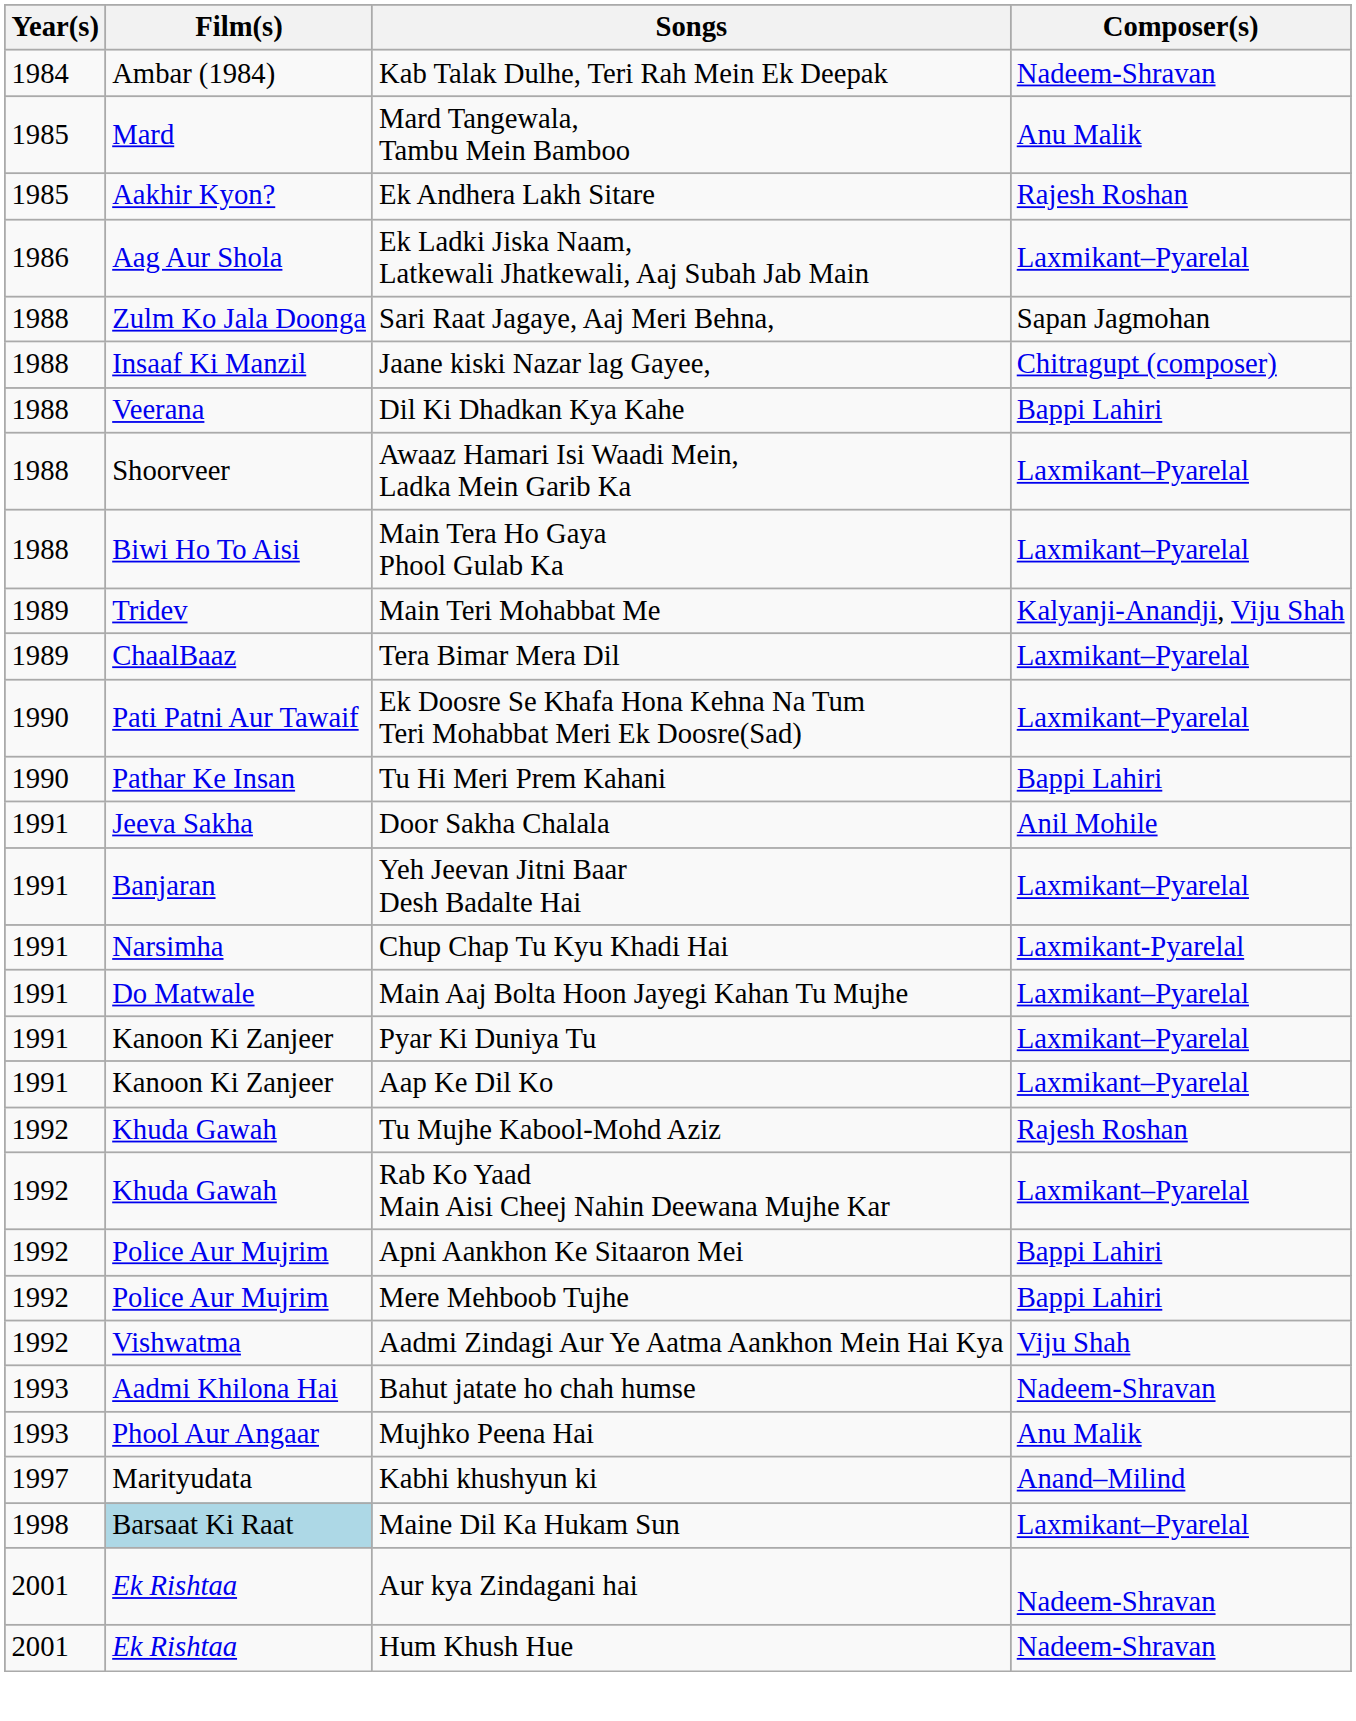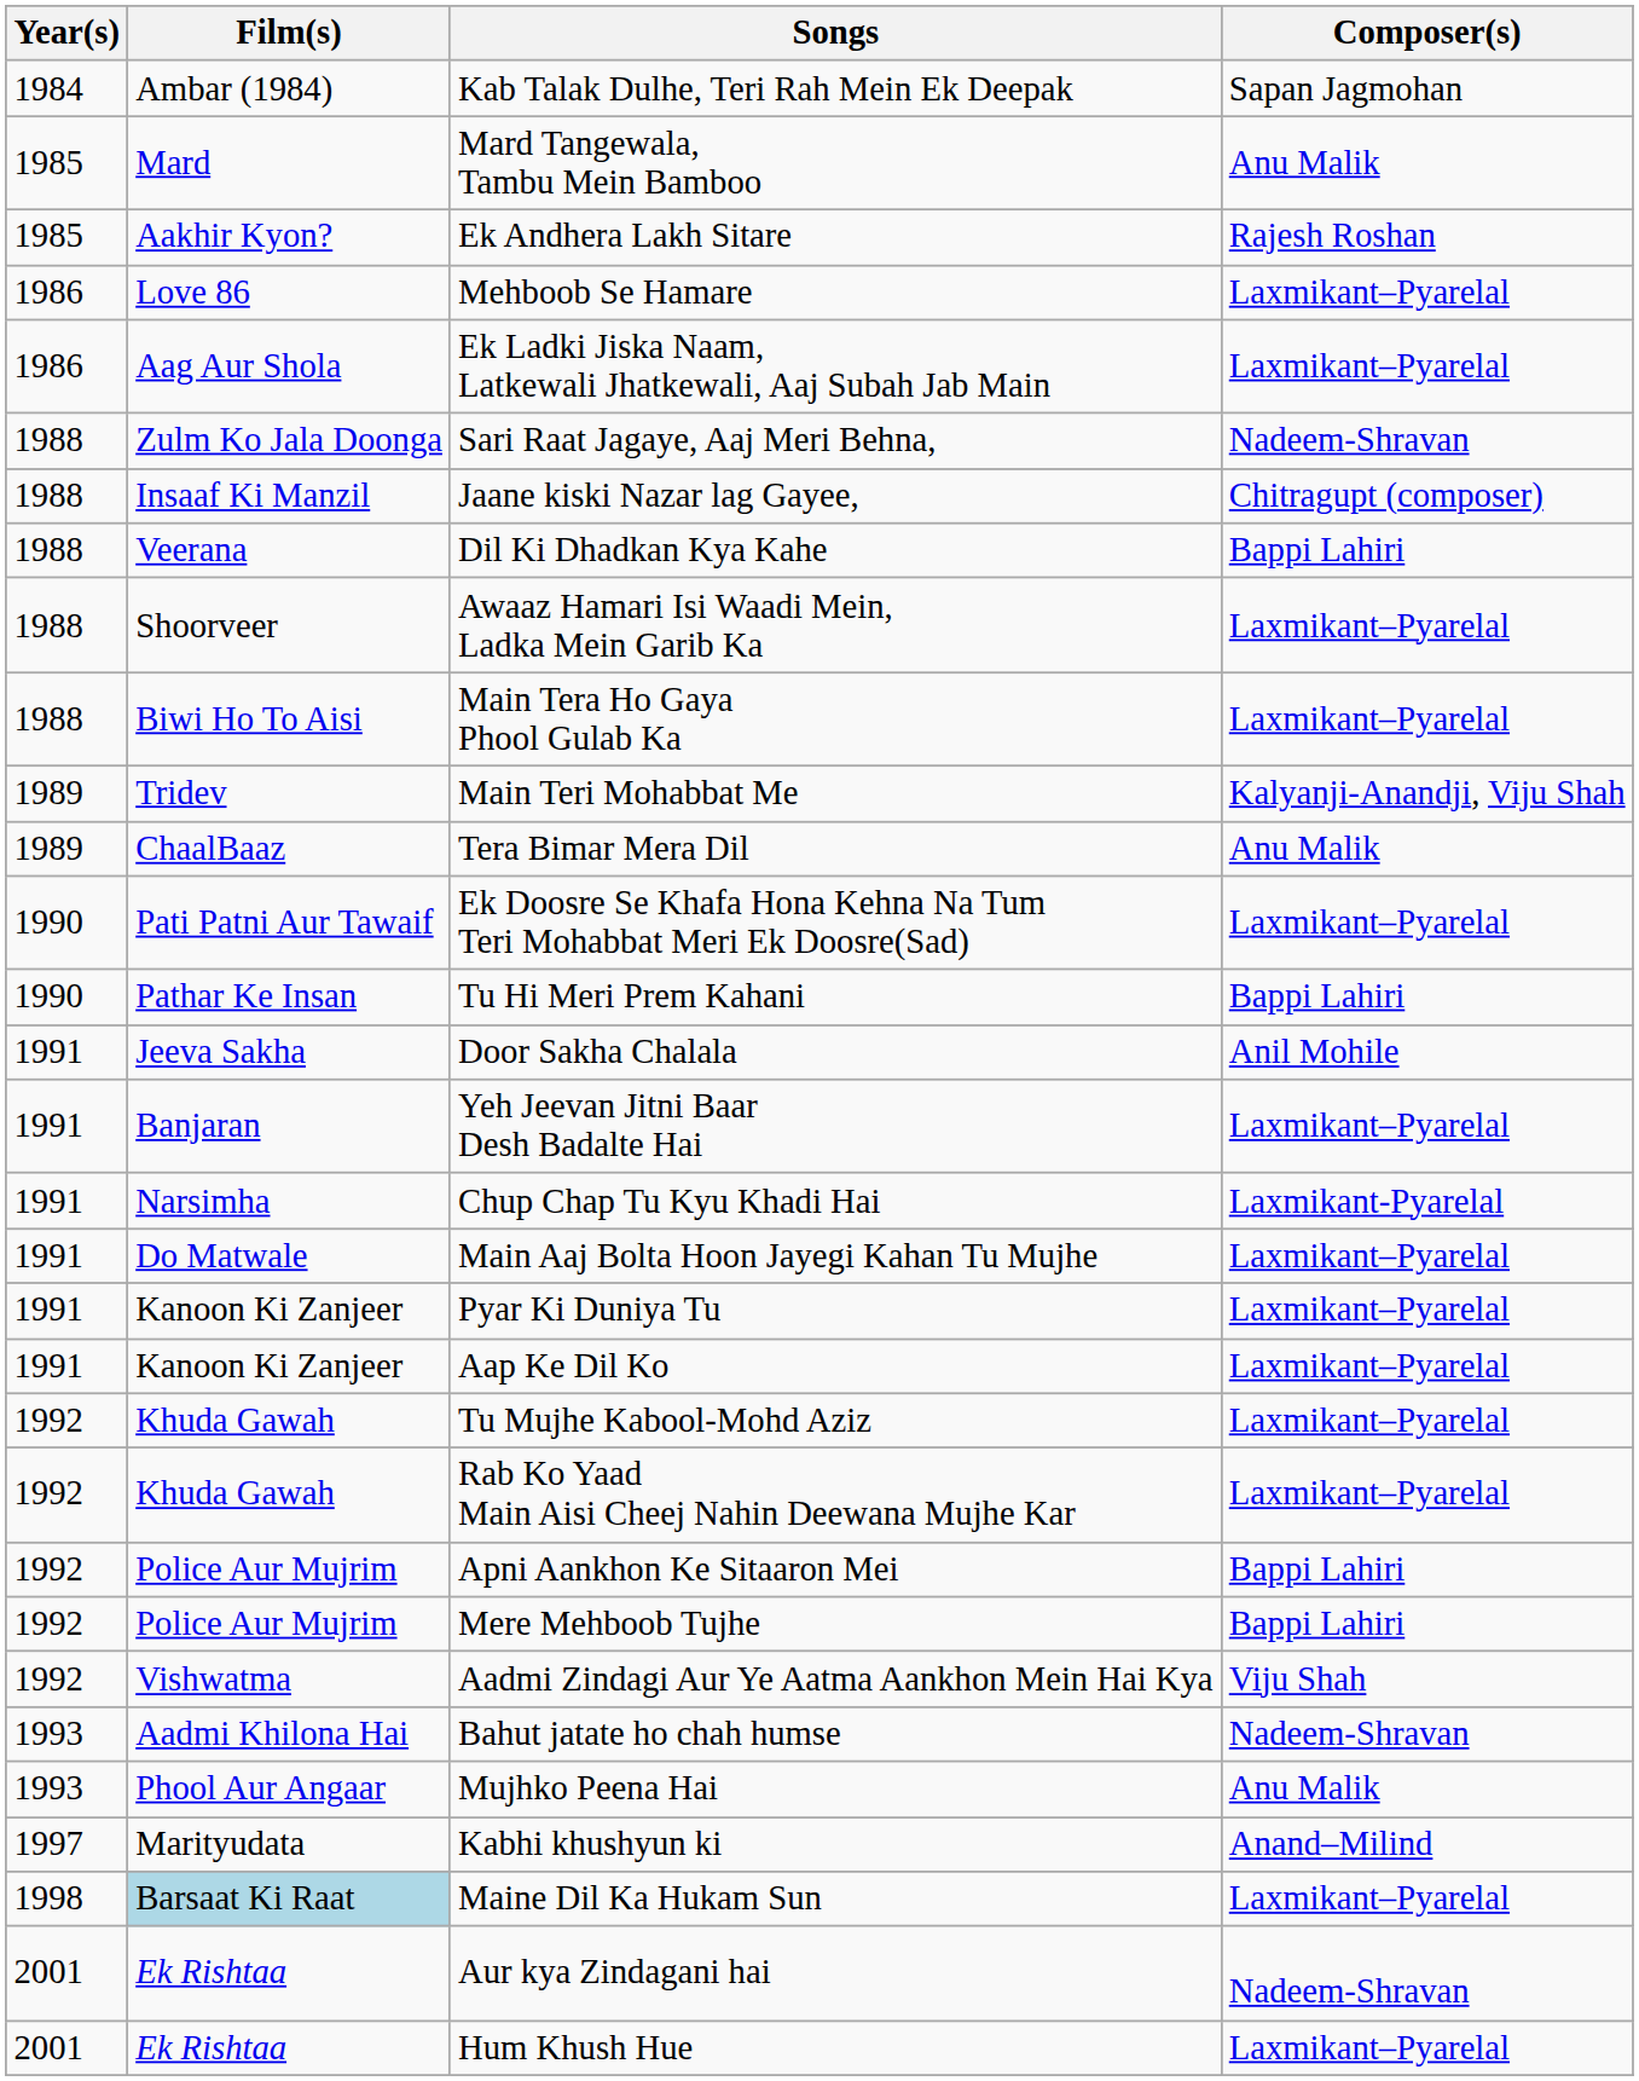 <table class="wikitable sortable">
 <tr>
 <th>Year(s)</th>
 <th>Film(s)</th>
 <th>Songs</th>
 <th>Composer(s)</th>
 </tr>
 <tr>
 <td>1984</td>
 <td>Ambar (1984)</td>
 <td>Kab Talak Dulhe, Teri Rah Mein Ek Deepak</td>
-<td><a href='#'>Nadeem-Shravan</a></td>
+<td>Sapan Jagmohan</td>
 </tr>
 <tr>
 <td>1985</td>
 <td><a href='#'>Mard</a></td>
 <td>Mard Tangewala,<br>Tambu Mein Bamboo</td>
 <td><a href='#'>Anu Malik</a></td>
 </tr>
 <tr>
 <td>1985</td>
 <td><a href='#'>Aakhir Kyon?</a></td>
 <td>Ek Andhera Lakh Sitare</td>
 <td><a href='#'>Rajesh Roshan</a></td>
 </tr>
 <tr>
 <td>1986</td>
+<td><a href='#'>Love 86</a></td>
+<td>Mehboob Se Hamare</td>
+<td><a href='#'>Laxmikant–Pyarelal</a></td>
+</tr>
+<tr>
+<td>1986</td>
 <td><a href='#'>Aag Aur Shola</a></td>
 <td>Ek Ladki Jiska Naam,<br>Latkewali  Jhatkewali, Aaj Subah Jab Main</td>
 <td><a href='#'>Laxmikant–Pyarelal</a></td>
 </tr>
 <tr>
 <td>1988</td>
 <td><a href='#'>Zulm Ko Jala Doonga</a></td>
 <td>Sari Raat Jagaye, Aaj Meri Behna,</td>
-<td>Sapan Jagmohan</td>
+<td><a href='#'>Nadeem-Shravan</a></td>
 </tr>
 <tr>
 <td>1988</td>
 <td><a href='#'>Insaaf Ki Manzil</a></td>
 <td>Jaane kiski Nazar lag Gayee,</td>
 <td><a href='#'>Chitragupt (composer)</a></td>
 </tr>
 <tr>
 <td>1988</td>
 <td><a href='#'>Veerana</a></td>
 <td>Dil Ki Dhadkan Kya Kahe</td>
 <td><a href='#'>Bappi Lahiri</a></td>
 </tr>
 <tr>
 <td>1988</td>
 <td>Shoorveer</td>
 <td>Awaaz Hamari Isi Waadi Mein,<br>Ladka Mein Garib Ka</td>
 <td><a href='#'>Laxmikant–Pyarelal</a></td>
 </tr>
 <tr>
 <td>1988</td>
 <td><a href='#'>Biwi Ho To Aisi</a></td>
 <td>Main Tera Ho Gaya<br>Phool Gulab Ka</td>
 <td><a href='#'>Laxmikant–Pyarelal</a></td>
 </tr>
 <tr>
 <td>1989</td>
 <td><a href='#'>Tridev</a></td>
 <td>Main Teri Mohabbat Me</td>
 <td><a href='#'>Kalyanji-Anandji</a>, <a href='#'>Viju Shah</a></td>
 </tr>
 <tr>
 <td>1989</td>
 <td><a href='#'>ChaalBaaz</a></td>
 <td>Tera Bimar Mera Dil</td>
-<td><a href='#'>Laxmikant–Pyarelal</a></td>
+<td><a href='#'>Anu Malik</a></td>
 </tr>
 <tr>
 <td>1990</td>
 <td><a href='#'>Pati Patni Aur Tawaif</a></td>
 <td>Ek Doosre Se Khafa Hona Kehna Na Tum<br>Teri Mohabbat Meri  Ek Doosre(Sad)</td>
 <td><a href='#'>Laxmikant–Pyarelal</a></td>
 </tr>
 <tr>
 <td>1990</td>
 <td><a href='#'>Pathar Ke Insan</a></td>
 <td>Tu Hi Meri Prem Kahani</td>
 <td><a href='#'>Bappi Lahiri</a></td>
 </tr>
 <tr>
 <td>1991</td>
 <td><a href='#'>Jeeva Sakha</a></td>
 <td>Door Sakha Chalala</td>
 <td><a href='#'>Anil Mohile</a></td>
 </tr>
 <tr>
 <td>1991</td>
 <td><a href='#'>Banjaran</a></td>
 <td>Yeh Jeevan Jitni Baar<br>Desh Badalte Hai</td>
 <td><a href='#'>Laxmikant–Pyarelal</a></td>
 </tr>
 <tr>
 <td>1991</td>
 <td><a href='#'>Narsimha</a></td>
 <td>Chup Chap Tu Kyu Khadi Hai</td>
 <td><a href='#'>Laxmikant-Pyarelal</a></td>
 </tr>
 <tr>
 <td>1991</td>
 <td><a href='#'>Do Matwale</a></td>
 <td>Main Aaj Bolta Hoon Jayegi Kahan Tu Mujhe</td>
 <td><a href='#'>Laxmikant–Pyarelal</a></td>
 </tr>
 <tr>
 <td>1991</td>
 <td>Kanoon Ki Zanjeer</td>
 <td>Pyar Ki Duniya Tu</td>
 <td><a href='#'>Laxmikant–Pyarelal</a></td>
 </tr>
 <tr>
 <td>1991</td>
 <td>Kanoon Ki Zanjeer</td>
 <td>Aap Ke Dil Ko</td>
 <td><a href='#'>Laxmikant–Pyarelal</a></td>
 </tr>
 <tr>
 <td>1992</td>
 <td><a href='#'>Khuda Gawah</a></td>
 <td>Tu Mujhe Kabool-Mohd Aziz</td>
-<td><a href='#'>Rajesh Roshan</a></td>
+<td><a href='#'>Laxmikant–Pyarelal</a></td>
 </tr>
 <tr>
 <td>1992</td>
 <td><a href='#'>Khuda Gawah</a></td>
 <td>Rab Ko Yaad<br>Main Aisi Cheej Nahin Deewana Mujhe Kar</td>
 <td><a href='#'>Laxmikant–Pyarelal</a></td>
 </tr>
 <tr>
 <td>1992</td>
 <td><a href='#'>Police Aur Mujrim</a></td>
 <td>Apni Aankhon Ke Sitaaron Mei</td>
 <td><a href='#'>Bappi Lahiri</a></td>
 </tr>
 <tr>
 <td>1992</td>
 <td><a href='#'>Police Aur Mujrim</a></td>
 <td>Mere Mehboob Tujhe</td>
 <td><a href='#'>Bappi Lahiri</a></td>
 </tr>
 <tr>
 <td>1992</td>
 <td><a href='#'>Vishwatma</a></td>
 <td>Aadmi Zindagi Aur Ye Aatma Aankhon Mein Hai Kya</td>
 <td><a href='#'>Viju Shah</a></td>
 </tr>
 <tr>
 <td>1993</td>
 <td><a href='#'>Aadmi Khilona Hai</a></td>
 <td>Bahut jatate ho chah humse</td>
 <td><a href='#'>Nadeem-Shravan</a></td>
 </tr>
 <tr>
 <td>1993</td>
 <td><a href='#'>Phool Aur Angaar</a></td>
 <td>Mujhko Peena Hai</td>
 <td><a href='#'>Anu Malik</a></td>
 </tr>
 <tr>
 <td>1997</td>
 <td>Marityudata</td>
 <td>Kabhi khushyun ki</td>
 <td><a href='#'>Anand–Milind</a></td>
 </tr>
 <tr>
 <td>1998</td>
 <td style="background: lightblue;">Barsaat Ki Raat</td>
 <td>Maine Dil Ka Hukam Sun</td>
 <td><a href='#'>Laxmikant–Pyarelal</a></td>
 </tr>
 <tr>
 <td>2001</td>
 <td><em><a href='#'>Ek Rishtaa</a></em></td>
 <td>Aur kya Zindagani hai</td>
 <td><br><a href='#'>Nadeem-Shravan</a></td>
 </tr>
 <tr>
 <td>2001</td>
 <td><em><a href='#'>Ek Rishtaa</a></em></td>
 <td>Hum Khush Hue</td>
-<td><a href='#'>Nadeem-Shravan</a></td>
+<td><a href='#'>Laxmikant–Pyarelal</a></td>
 </tr>
 </table>
